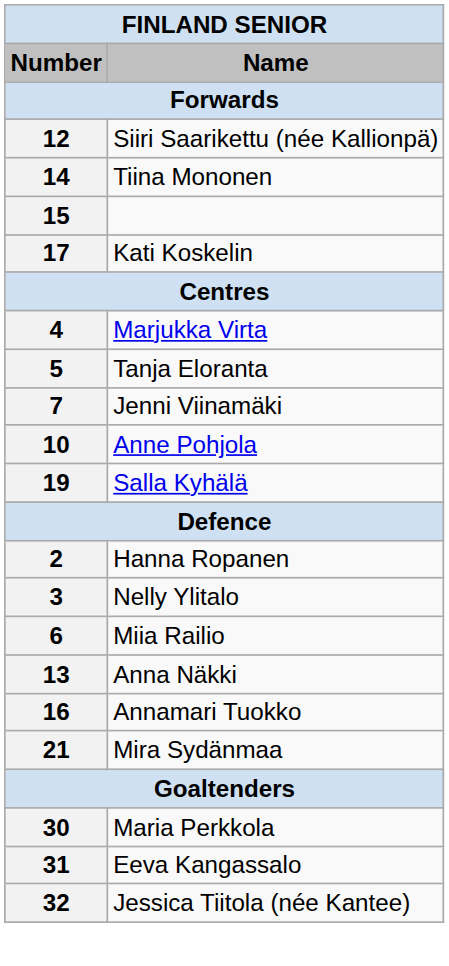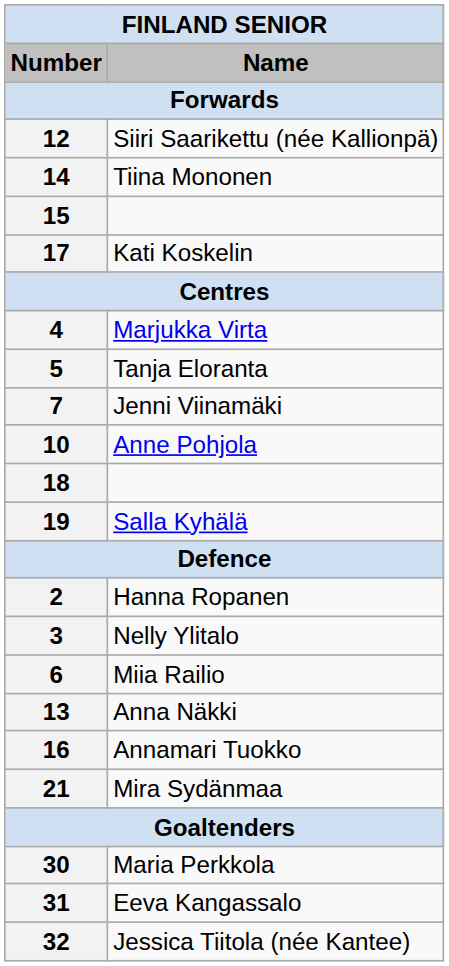 <table class="wikitable" style="text-align:left; font-size:90%;">
 <tr>
 <th style=background:#CEE0F2 colspan=2><span>FINLAND SENIOR</span></th>
 </tr>
 <tr>
 <th style="background:silver;">Number</th>
 <th style="background:silver;">Name</th>
 </tr>
 <tr>
 <th style=background:#CEE0F2 colspan=2><span>Forwards</span></th>
 </tr>
 <tr>
 <th>12</th>
 <td>Siiri Saarikettu (née Kallionpä)</td>
 </tr>
 <tr>
 <th>14</th>
 <td>Tiina Mononen</td>
 </tr>
 <tr>
 <th>15</th>
 <td></td>
 </tr>
 <tr>
 <th>17</th>
 <td>Kati Koskelin</td>
 </tr>
 <tr>
 <th style=background:#CEE0F2 colspan=2><span>Centres</span></th>
 </tr>
 <tr>
 <th>4</th>
 <td><a href='#'>Marjukka Virta</a></td>
 </tr>
 <tr>
 <th>5</th>
 <td>Tanja Eloranta</td>
 </tr>
 <tr>
 <th>7</th>
 <td>Jenni Viinamäki</td>
 </tr>
 <tr>
 <th>10</th>
 <td><a href='#'>Anne Pohjola</a></td>
+</tr>
+<tr>
+<th>18</th>
+<td></td>
 </tr>
 <tr>
 <th>19</th>
 <td><a href='#'>Salla Kyhälä</a></td>
 </tr>
 <tr>
 <th style=background:#CEE0F2 colspan=2><span>Defence</span></th>
 </tr>
 <tr>
 <th>2</th>
 <td>Hanna Ropanen</td>
 </tr>
 <tr>
 <th>3</th>
 <td>Nelly Ylitalo</td>
 </tr>
 <tr>
 <th>6</th>
 <td>Miia Railio</td>
 </tr>
 <tr>
 <th>13</th>
 <td>Anna Näkki</td>
 </tr>
 <tr>
 <th>16</th>
 <td>Annamari Tuokko</td>
 </tr>
 <tr>
 <th>21</th>
 <td>Mira Sydänmaa</td>
 </tr>
 <tr>
 <th style=background:#CEE0F2 colspan=2><span>Goaltenders</span></th>
 </tr>
 <tr>
 <th>30</th>
 <td>Maria Perkkola</td>
 </tr>
 <tr>
 <th>31</th>
 <td>Eeva Kangassalo</td>
 </tr>
 <tr>
 <th>32</th>
 <td>Jessica Tiitola (née Kantee)</td>
 </tr>
 </table>
